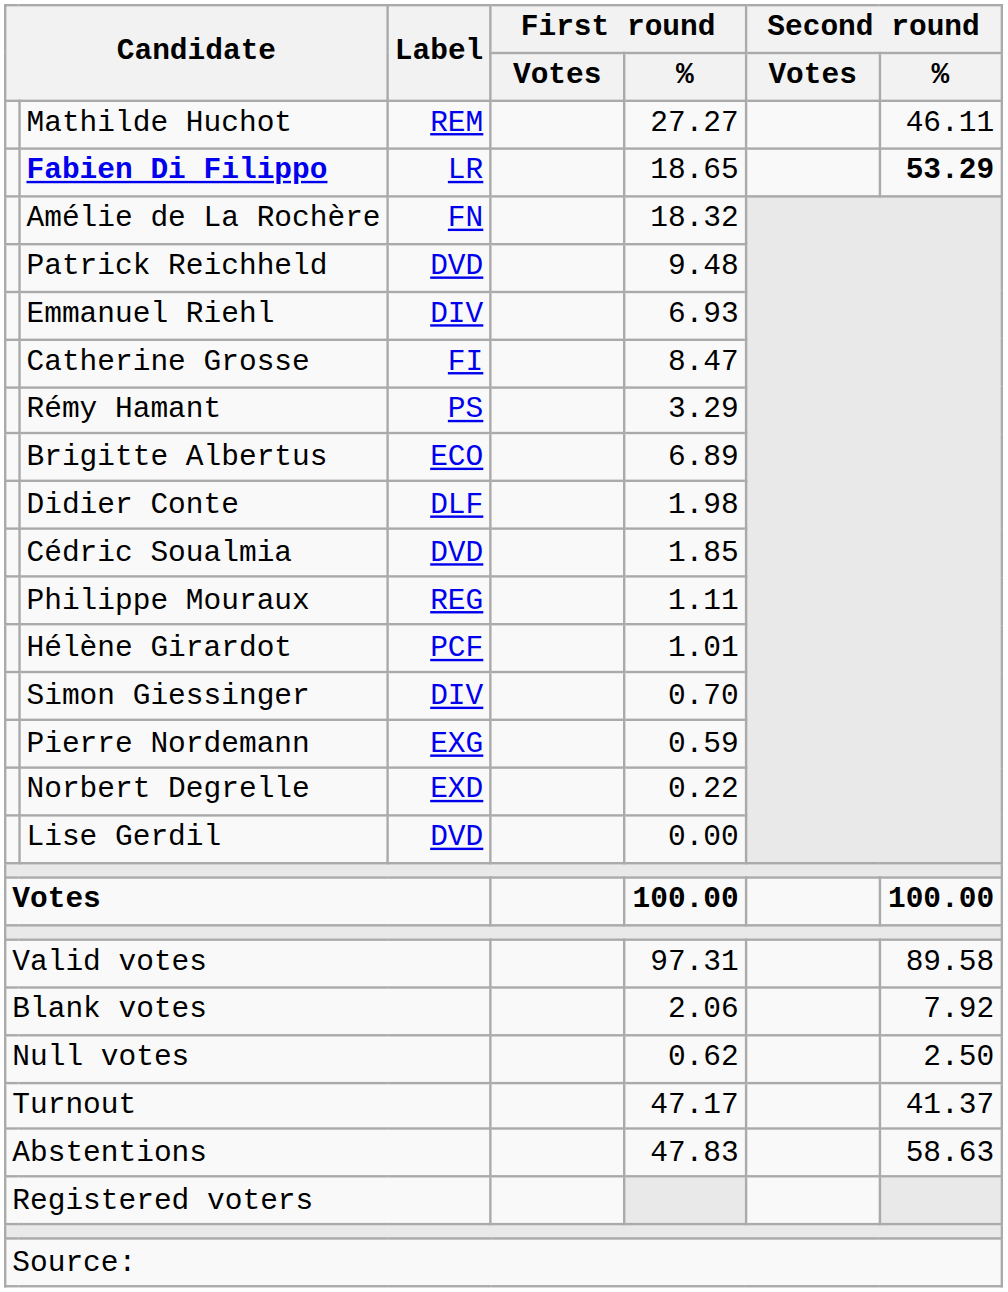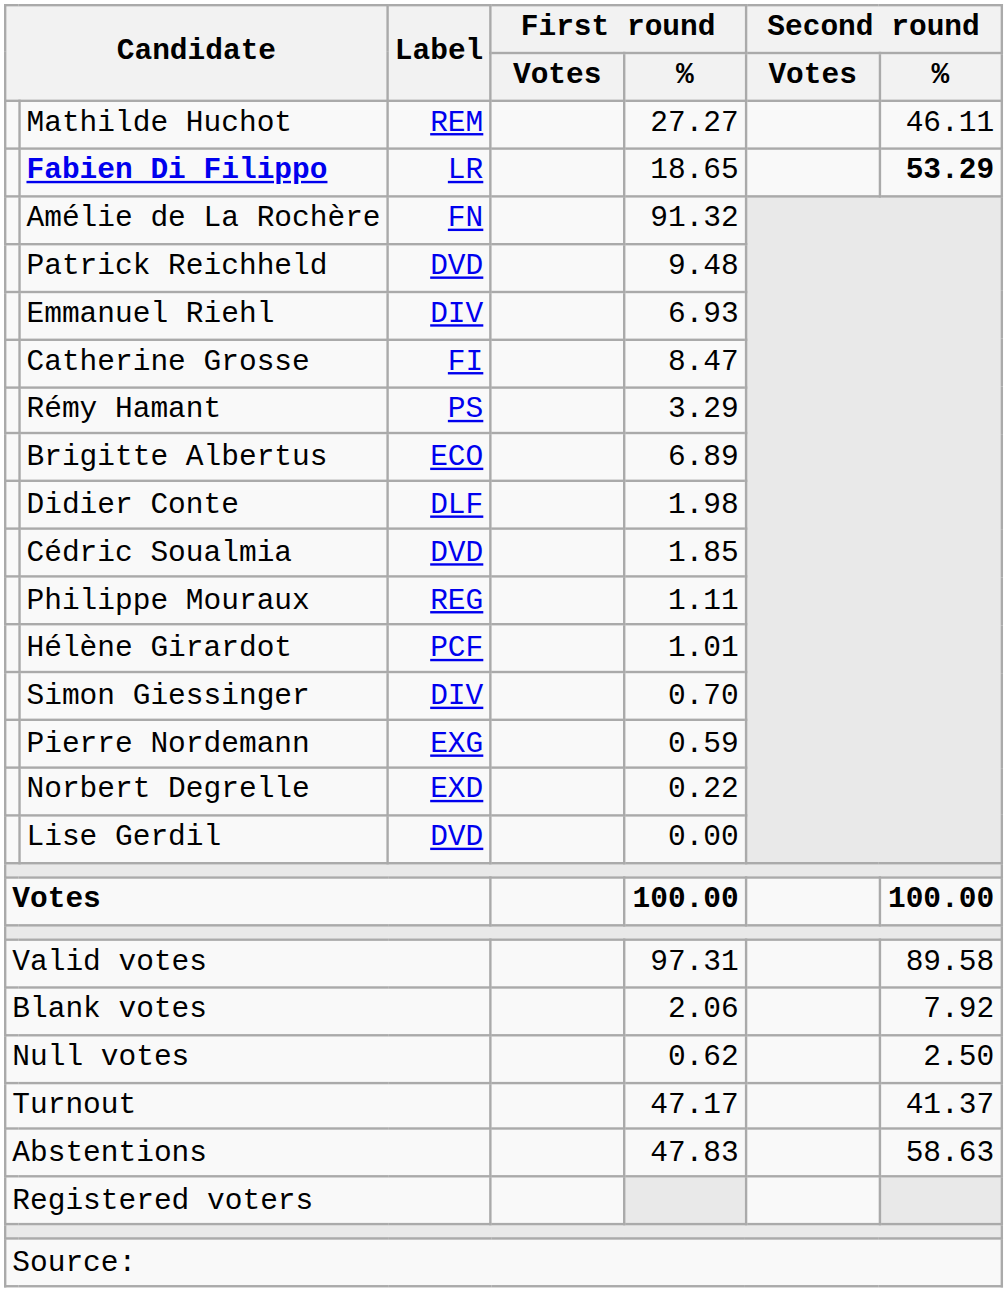 <table class="wikitable" style="text-align:right;font-size:95%;">
 <tr>
 <th rowspan="2" colspan="2">Candidate</th>
 <th rowspan="2">Label</th>
 <th colspan="2">First round</th>
 <th colspan="2">Second round</th>
 </tr>
 <tr>
 <th style="width:50px;">Votes</th>
 <th style="width:45px;">%</th>
 <th style="width:50px;">Votes</th>
 <th style="width:45px;">%</th>
 </tr>
 <tr>
 <td style="color:inherit;background:"></td>
 <td style="text-align:left;">Mathilde Huchot</td>
 <td><a href='#'>REM</a></td>
 <td></td>
 <td>27.27</td>
 <td></td>
 <td>46.11</td>
 </tr>
 <tr>
 <td style="color:inherit;background:"></td>
 <td style="text-align:left;"><strong><a href='#'>Fabien Di Filippo</a></strong></td>
 <td><a href='#'>LR</a></td>
 <td></td>
 <td>18.65</td>
 <td><strong></strong></td>
 <td><strong>53.29</strong></td>
 </tr>
 <tr>
 <td style="color:inherit;background:"></td>
 <td style="text-align:left;">Amélie de La Rochère</td>
 <td><a href='#'>FN</a></td>
 <td></td>
-<td>18.32</td>
+<td>91.32</td>
 <td colspan="2" rowspan="14" style="background:#E9E9E9;"></td>
 </tr>
 <tr>
 <td style="color:inherit;background:"></td>
 <td style="text-align:left;">Patrick Reichheld</td>
 <td><a href='#'>DVD</a></td>
 <td></td>
 <td>9.48</td>
 </tr>
 <tr>
 <td style="color:inherit;background:"></td>
 <td style="text-align:left;">Emmanuel Riehl</td>
 <td><a href='#'>DIV</a></td>
 <td></td>
 <td>6.93</td>
 </tr>
 <tr>
 <td style="color:inherit;background:"></td>
 <td style="text-align:left;">Catherine Grosse</td>
 <td><a href='#'>FI</a></td>
 <td></td>
 <td>8.47</td>
 </tr>
 <tr>
 <td style="color:inherit;background:"></td>
 <td style="text-align:left;">Rémy Hamant</td>
 <td><a href='#'>PS</a></td>
 <td></td>
 <td>3.29</td>
 </tr>
 <tr>
 <td style="color:inherit;background:"></td>
 <td style="text-align:left;">Brigitte Albertus</td>
 <td><a href='#'>ECO</a></td>
 <td></td>
 <td>6.89</td>
 </tr>
 <tr>
 <td style="color:inherit;background:"></td>
 <td style="text-align:left;">Didier Conte</td>
 <td><a href='#'>DLF</a></td>
 <td></td>
 <td>1.98</td>
 </tr>
 <tr>
 <td style="color:inherit;background:"></td>
 <td style="text-align:left;">Cédric Soualmia</td>
 <td><a href='#'>DVD</a></td>
 <td></td>
 <td>1.85</td>
 </tr>
 <tr>
 <td style="color:inherit;background:"></td>
 <td style="text-align:left;">Philippe Mouraux</td>
 <td><a href='#'>REG</a></td>
 <td></td>
 <td>1.11</td>
 </tr>
 <tr>
 <td style="color:inherit;background:"></td>
 <td style="text-align:left;">Hélène Girardot</td>
 <td><a href='#'>PCF</a></td>
 <td></td>
 <td>1.01</td>
 </tr>
 <tr>
 <td style="color:inherit;background:"></td>
 <td style="text-align:left;">Simon Giessinger</td>
 <td><a href='#'>DIV</a></td>
 <td></td>
 <td>0.70</td>
 </tr>
 <tr>
 <td style="color:inherit;background:"></td>
 <td style="text-align:left;">Pierre Nordemann</td>
 <td><a href='#'>EXG</a></td>
 <td></td>
 <td>0.59</td>
 </tr>
 <tr>
 <td style="color:inherit;background:"></td>
 <td style="text-align:left;">Norbert Degrelle</td>
 <td><a href='#'>EXD</a></td>
 <td></td>
 <td>0.22</td>
 </tr>
 <tr>
 <td style="color:inherit;background:"></td>
 <td style="text-align:left;">Lise Gerdil</td>
 <td><a href='#'>DVD</a></td>
 <td></td>
 <td>0.00</td>
 </tr>
 <tr>
 <td colspan="7" style="background:#E9E9E9;"></td>
 </tr>
 <tr style="font-weight:bold;">
 <td colspan="3" style="text-align:left;">Votes</td>
 <td></td>
 <td>100.00</td>
 <td></td>
 <td>100.00</td>
 </tr>
 <tr>
 <td colspan="7" style="background:#E9E9E9;"></td>
 </tr>
 <tr>
 <td colspan="3" style="text-align:left;">Valid votes</td>
 <td></td>
 <td>97.31</td>
 <td></td>
 <td>89.58</td>
 </tr>
 <tr>
 <td colspan="3" style="text-align:left;">Blank votes</td>
 <td></td>
 <td>2.06</td>
 <td></td>
 <td>7.92</td>
 </tr>
 <tr>
 <td colspan="3" style="text-align:left;">Null votes</td>
 <td></td>
 <td>0.62</td>
 <td></td>
 <td>2.50</td>
 </tr>
 <tr>
 <td colspan="3" style="text-align:left;">Turnout</td>
 <td></td>
 <td>47.17</td>
 <td></td>
 <td>41.37</td>
 </tr>
 <tr>
 <td colspan="3" style="text-align:left;">Abstentions</td>
 <td></td>
 <td>47.83</td>
 <td></td>
 <td>58.63</td>
 </tr>
 <tr>
 <td colspan="3" style="text-align:left;">Registered voters</td>
 <td></td>
 <td style="background:#E9E9E9;"></td>
 <td></td>
 <td style="background:#E9E9E9;"></td>
 </tr>
 <tr>
 <td colspan="7" style="background:#E9E9E9;"></td>
 </tr>
 <tr>
 <td colspan="7" style="text-align:left;">Source: </td>
 </tr>
 </table>
